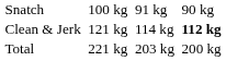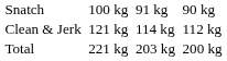 <table>
 <tr>
 <td>Snatch</td>
 <td></td>
 <td>100 kg</td>
 <td></td>
 <td>91 kg</td>
 <td></td>
 <td>90 kg</td>
 </tr>
 <tr>
 <td>Clean & Jerk</td>
 <td></td>
 <td>121 kg</td>
 <td></td>
 <td>114 kg</td>
 <td></td>
-<td><strong>112 kg</strong></td>
+<td>112 kg</td>
 </tr>
 <tr>
 <td>Total</td>
 <td></td>
 <td>221 kg</td>
 <td></td>
 <td>203 kg</td>
 <td></td>
 <td>200 kg</td>
 </tr>
 </table>
